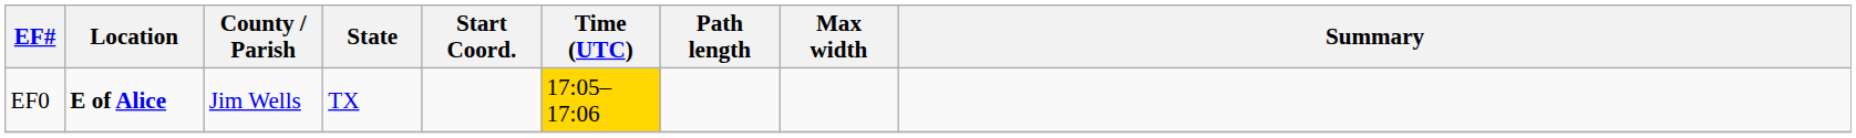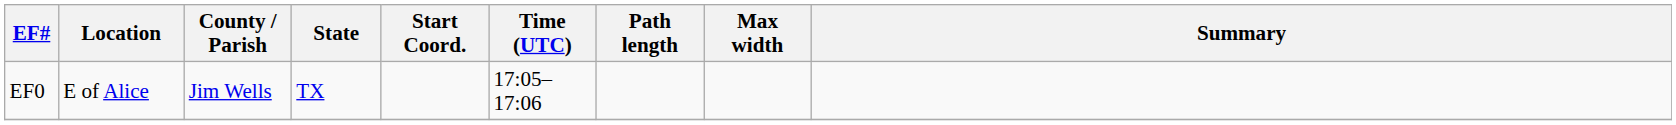 <table class="wikitable sortable" style="width:100%;">
 <tr>
 <th scope="col"  style="width:3%; text-align:center;"><a href='#'>EF#</a></th>
 <th scope="col"  style="width:7%; text-align:center;" class="unsortable">Location</th>
 <th scope="col"  style="width:6%; text-align:center;" class="unsortable">County / Parish</th>
 <th scope="col"  style="width:5%; text-align:center;">State</th>
 <th scope="col"  style="width:6%; text-align:center;">Start Coord.</th>
 <th scope="col"  style="width:6%; text-align:center;">Time (<a href='#'>UTC</a>)</th>
 <th scope="col"  style="width:6%; text-align:center;">Path length</th>
 <th scope="col"  style="width:6%; text-align:center;">Max width</th>
 <th scope="col" class="unsortable" style="width:48%; text-align:center;">Summary</th>
 </tr>
 <tr>
 <td>EF0</td>
-<td><strong>E of <a href='#'>Alice</a></strong></td>
+<td>E of <a href='#'>Alice</a></td>
 <td><a href='#'>Jim Wells</a></td>
 <td><a href='#'>TX</a></td>
 <td></td>
-<td style="background: gold;">17:05–17:06</td>
+<td>17:05–17:06</td>
 <td></td>
 <td></td>
 <td></td>
 </tr>
 <tr>
 </tr>
 </table>
